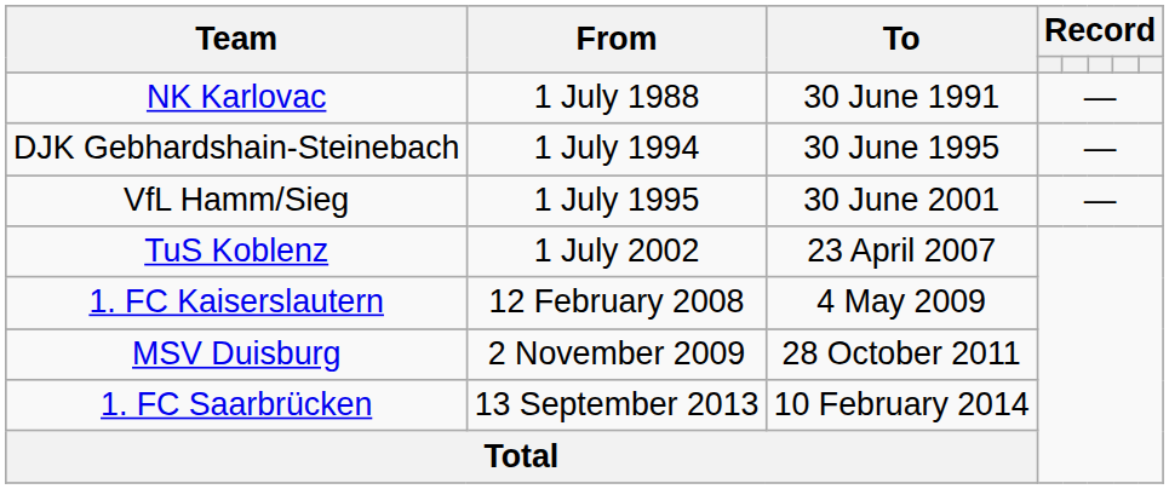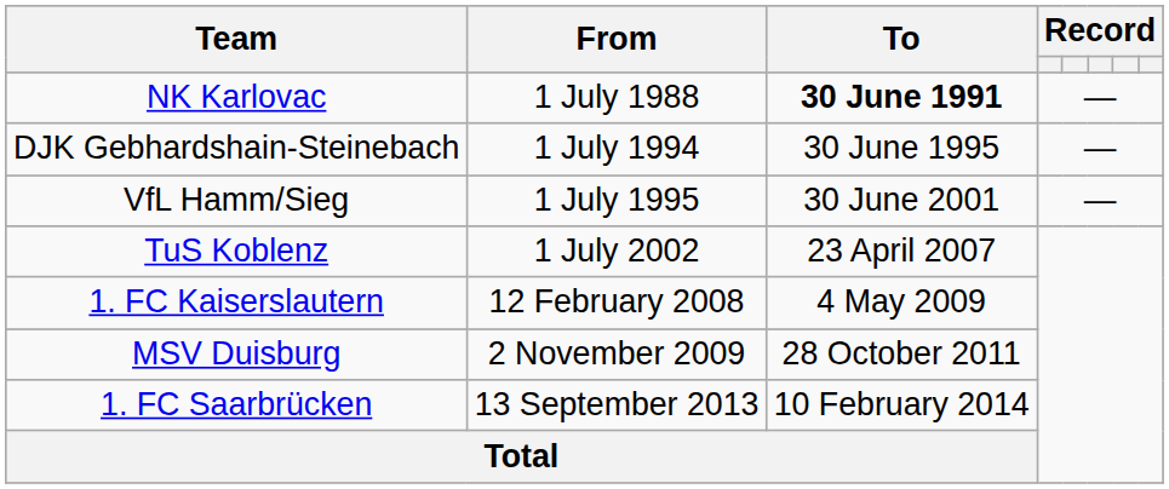 <table class="wikitable" style="text-align: center">
 <tr>
 <th rowspan=2>Team</th>
 <th rowspan=2>From</th>
 <th rowspan=2>To</th>
 <th colspan=5>Record</th>
 </tr>
 <tr>
 <th></th>
 <th></th>
 <th></th>
 <th></th>
 <th></th>
 </tr>
 <tr>
 <td><a href='#'>NK Karlovac</a></td>
 <td>1 July 1988</td>
-<td>30 June 1991<br></td>
+<td><strong>30 June 1991<br></strong></td>
 <td colspan=6>— </td>
 </tr>
 <tr>
 <td>DJK Gebhardshain-Steinebach</td>
 <td>1 July 1994</td>
 <td>30 June 1995<br></td>
 <td colspan=6>— </td>
 </tr>
 <tr>
 <td>VfL Hamm/Sieg</td>
 <td>1 July 1995</td>
 <td>30 June 2001<br></td>
 <td colspan=6>— </td>
 </tr>
 <tr>
 <td><a href='#'>TuS Koblenz</a></td>
 <td>1 July 2002</td>
 <td>23 April 2007<br></td>
 </tr>
 <tr>
 <td><a href='#'>1. FC Kaiserslautern</a></td>
 <td>12 February 2008</td>
 <td>4 May 2009<br></td>
 </tr>
 <tr>
 <td><a href='#'>MSV Duisburg</a></td>
 <td>2 November 2009</td>
 <td>28 October 2011<br></td>
 </tr>
 <tr>
 <td><a href='#'>1. FC Saarbrücken</a></td>
 <td>13 September 2013</td>
 <td>10 February 2014<br></td>
 </tr>
 <tr>
 <th colspan=3>Total<br></th>
 </tr>
 </table>
